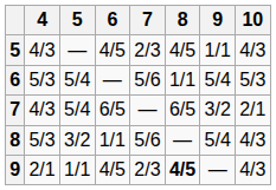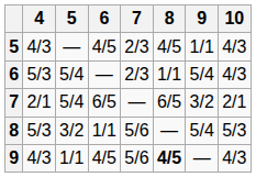 <table class="wikitable" style="text-align:center;" border="1">
 <tr>
 <th></th>
 <th>4</th>
 <th>5</th>
 <th>6</th>
 <th>7</th>
 <th>8</th>
 <th>9</th>
 <th>10</th>
 </tr>
 <tr>
 <th>5</th>
 <td>4/3</td>
 <td>—</td>
 <td>4/5</td>
 <td>2/3</td>
 <td>4/5</td>
 <td>1/1</td>
 <td>4/3</td>
 </tr>
 <tr>
 <th>6</th>
 <td>5/3</td>
 <td>5/4</td>
 <td>—</td>
-<td>5/6</td>
+<td>2/3</td>
 <td>1/1</td>
 <td>5/4</td>
-<td>5/3</td>
+<td>4/3</td>
 </tr>
 <tr>
 <th>7</th>
-<td>4/3</td>
+<td>2/1</td>
 <td>5/4</td>
 <td>6/5</td>
 <td>—</td>
 <td>6/5</td>
 <td>3/2</td>
 <td>2/1</td>
 </tr>
 <tr>
 <th>8</th>
 <td>5/3</td>
 <td>3/2</td>
 <td>1/1</td>
 <td>5/6</td>
 <td>—</td>
 <td>5/4</td>
-<td>4/3</td>
+<td>5/3</td>
 </tr>
 <tr>
 <th>9</th>
-<td>2/1</td>
+<td>4/3</td>
 <td>1/1</td>
 <td>4/5</td>
-<td>2/3</td>
+<td>5/6</td>
 <td><strong>4/5</strong></td>
 <td>—</td>
 <td>4/3</td>
 </tr>
 </table>
